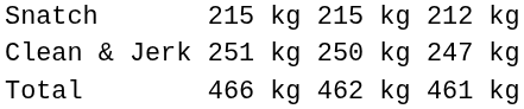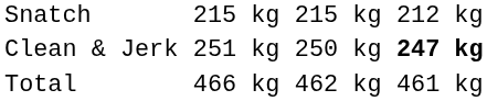 <table>
 <tr>
 <td>Snatch</td>
 <td></td>
 <td>215 kg</td>
 <td></td>
 <td>215 kg</td>
 <td></td>
 <td>212 kg</td>
 </tr>
 <tr>
 <td>Clean & Jerk</td>
 <td></td>
 <td>251 kg</td>
 <td></td>
 <td>250 kg</td>
 <td></td>
-<td>247 kg</td>
+<td><strong>247 kg</strong></td>
 </tr>
 <tr>
 <td>Total</td>
 <td></td>
 <td>466 kg</td>
 <td></td>
 <td>462 kg</td>
 <td></td>
 <td>461 kg</td>
 </tr>
 </table>
